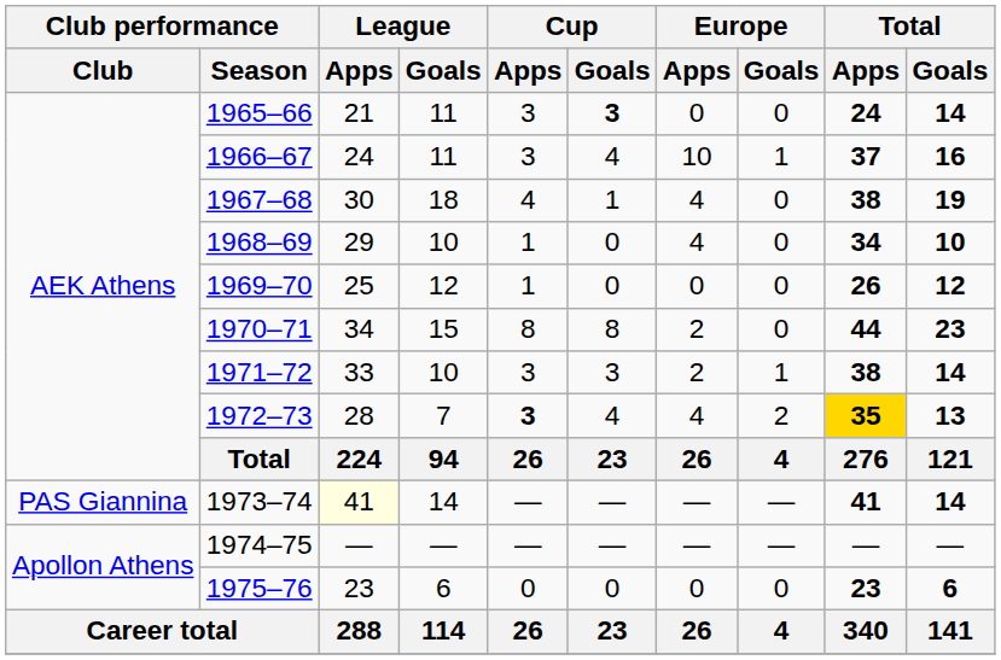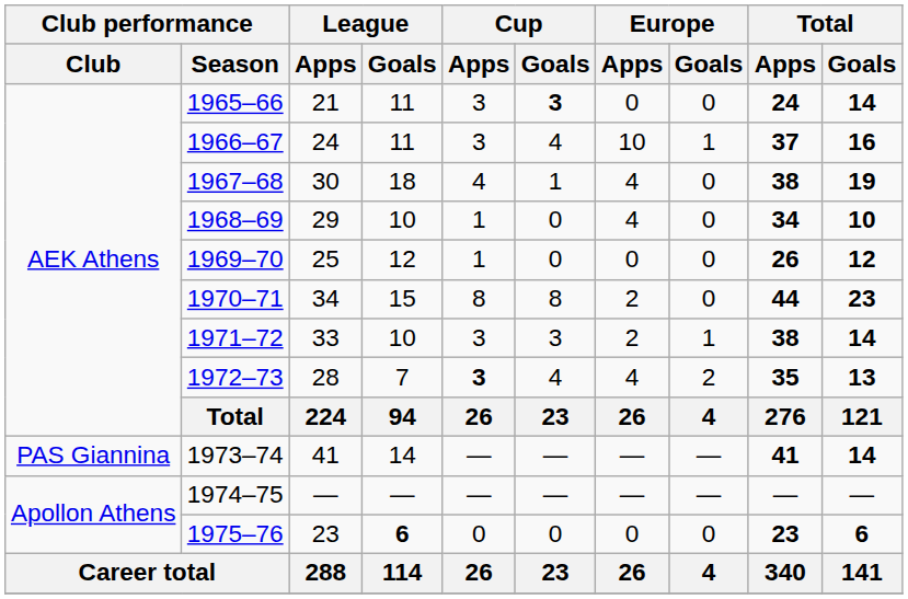 <table class="wikitable" style="text-align:center">
 <tr>
 <th colspan=2>Club performance</th>
 <th colspan=2>League</th>
 <th colspan=2>Cup</th>
 <th colspan=2>Europe</th>
 <th colspan=2>Total</th>
 </tr>
 <tr>
 <th>Club</th>
 <th>Season</th>
 <th>Apps</th>
 <th>Goals</th>
 <th>Apps</th>
 <th>Goals</th>
 <th>Apps</th>
 <th>Goals</th>
 <th>Apps</th>
 <th>Goals</th>
 </tr>
 <tr>
 <td rowspan=9><a href='#'>AEK Athens</a></td>
 <td><a href='#'>1965–66</a></td>
 <td>21</td>
 <td>11</td>
 <td>3</td>
 <td><strong>3</strong></td>
 <td>0</td>
 <td>0</td>
 <td><strong>24</strong></td>
 <td><strong>14</strong></td>
 </tr>
 <tr>
 <td><a href='#'>1966–67</a></td>
 <td>24</td>
 <td>11</td>
 <td>3</td>
 <td>4</td>
 <td>10</td>
 <td>1</td>
 <td><strong>37</strong></td>
 <td><strong>16</strong></td>
 </tr>
 <tr>
 <td><a href='#'>1967–68</a></td>
 <td>30</td>
 <td>18</td>
 <td>4</td>
 <td>1</td>
 <td>4</td>
 <td>0</td>
 <td><strong>38</strong></td>
 <td><strong>19</strong></td>
 </tr>
 <tr>
 <td><a href='#'>1968–69</a></td>
 <td>29</td>
 <td>10</td>
 <td>1</td>
 <td>0</td>
 <td>4</td>
 <td>0</td>
 <td><strong>34</strong></td>
 <td><strong>10</strong></td>
 </tr>
 <tr>
 <td><a href='#'>1969–70</a></td>
 <td>25</td>
 <td>12</td>
 <td>1</td>
 <td>0</td>
 <td>0</td>
 <td>0</td>
 <td><strong>26</strong></td>
 <td><strong>12</strong></td>
 </tr>
 <tr>
 <td><a href='#'>1970–71</a></td>
 <td>34</td>
 <td>15</td>
 <td>8</td>
 <td>8</td>
 <td>2</td>
 <td>0</td>
 <td><strong>44</strong></td>
 <td><strong>23</strong></td>
 </tr>
 <tr>
 <td><a href='#'>1971–72</a></td>
 <td>33</td>
 <td>10</td>
 <td>3</td>
 <td>3</td>
 <td>2</td>
 <td>1</td>
 <td><strong>38</strong></td>
 <td><strong>14</strong></td>
 </tr>
 <tr>
 <td><a href='#'>1972–73</a></td>
 <td>28</td>
 <td>7</td>
 <td><strong>3</strong></td>
 <td>4</td>
 <td>4</td>
 <td>2</td>
-<td style="background: gold;"><strong>35</strong></td>
+<td><strong>35</strong></td>
 <td><strong>13</strong></td>
 </tr>
 <tr>
 <th>Total</th>
 <th>224</th>
 <th>94</th>
 <th>26</th>
 <th>23</th>
 <th>26</th>
 <th>4</th>
 <th>276</th>
 <th>121</th>
 </tr>
 <tr>
 <td><a href='#'>PAS Giannina</a></td>
 <td>1973–74</td>
-<td style="background: lightyellow;">41</td>
+<td>41</td>
 <td>14</td>
 <td>—</td>
 <td>—</td>
 <td>—</td>
 <td>—</td>
 <td><strong>41</strong></td>
 <td><strong>14</strong></td>
 </tr>
 <tr>
 <td rowspan=2><a href='#'>Apollon Athens</a></td>
 <td>1974–75</td>
 <td>—</td>
 <td>—</td>
 <td>—</td>
 <td>—</td>
 <td>—</td>
 <td>—</td>
 <td>—</td>
 <td>—</td>
 </tr>
 <tr>
 <td><a href='#'>1975–76</a></td>
 <td>23</td>
-<td>6</td>
+<td><strong>6</strong></td>
 <td>0</td>
 <td>0</td>
 <td>0</td>
 <td>0</td>
 <td><strong>23</strong></td>
 <td><strong>6</strong></td>
 </tr>
 <tr>
 <th colspan=2>Career total</th>
 <th>288</th>
 <th>114</th>
 <th>26</th>
 <th>23</th>
 <th>26</th>
 <th>4</th>
 <th>340</th>
 <th>141</th>
 </tr>
 <tr>
 </tr>
 </table>
